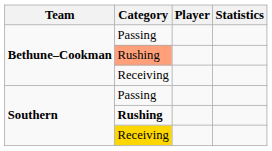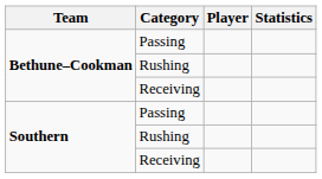 <table class="wikitable" style="float: right;">
 <tr>
 <th>Team</th>
 <th>Category</th>
 <th>Player</th>
 <th>Statistics</th>
 </tr>
 <tr>
 <td rowspan=3><strong>Bethune–Cookman</strong></td>
 <td>Passing</td>
 <td></td>
 <td></td>
 </tr>
 <tr>
-<td style="background: lightsalmon;">Rushing</td>
+<td>Rushing</td>
 <td></td>
 <td></td>
 </tr>
 <tr>
 <td>Receiving</td>
 <td></td>
 <td></td>
 </tr>
 <tr>
 <td rowspan=3><strong>Southern</strong></td>
 <td>Passing</td>
 <td></td>
 <td></td>
 </tr>
 <tr>
-<td><strong>Rushing</strong></td>
+<td>Rushing</td>
 <td></td>
 <td></td>
 </tr>
 <tr>
-<td style="background: gold;">Receiving</td>
+<td>Receiving</td>
 <td></td>
 <td></td>
 </tr>
 </table>
